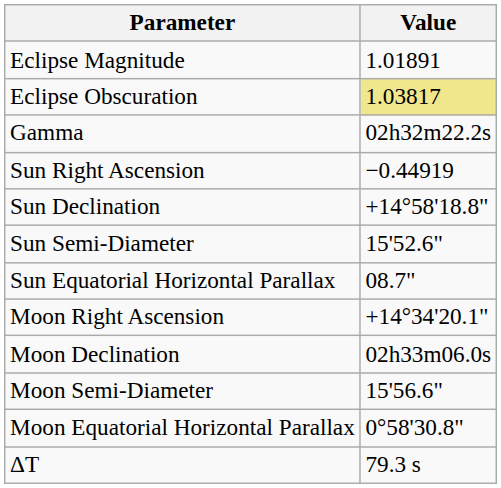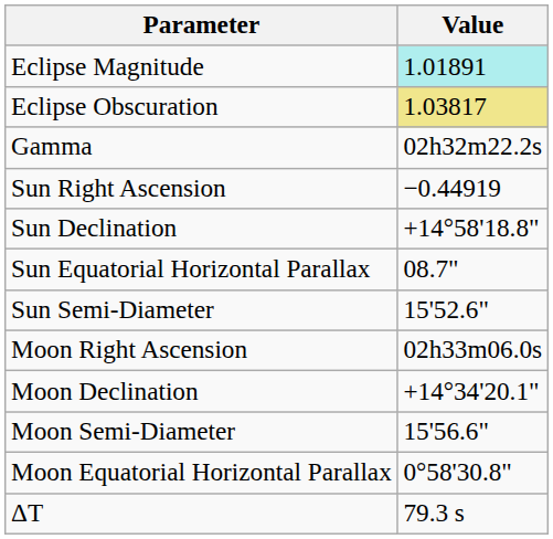 <table class="wikitable">
 <tr>
 <th>Parameter</th>
 <th>Value</th>
 </tr>
 <tr>
 <td>Eclipse Magnitude</td>
-<td>1.01891</td>
+<td style="background: paleturquoise;">1.01891</td>
 </tr>
 <tr>
 <td>Eclipse Obscuration</td>
 <td style="background: khaki;">1.03817</td>
 </tr>
 <tr>
 <td>Gamma</td>
 <td>02h32m22.2s</td>
 </tr>
 <tr>
 <td>Sun Right Ascension</td>
 <td>−0.44919</td>
 </tr>
 <tr>
 <td>Sun Declination</td>
 <td>+14°58'18.8"</td>
 </tr>
 <tr>
+<td>Sun Equatorial Horizontal Parallax</td>
+<td>08.7"</td>
+</tr>
+<tr>
 <td>Sun Semi-Diameter</td>
 <td>15'52.6"</td>
 </tr>
 <tr>
-<td>Sun Equatorial Horizontal Parallax</td>
-<td>08.7"</td>
-</tr>
-<tr>
 <td>Moon Right Ascension</td>
-<td>+14°34'20.1"</td>
+<td>02h33m06.0s</td>
 </tr>
 <tr>
 <td>Moon Declination</td>
-<td>02h33m06.0s</td>
+<td>+14°34'20.1"</td>
 </tr>
 <tr>
 <td>Moon Semi-Diameter</td>
 <td>15'56.6"</td>
 </tr>
 <tr>
 <td>Moon Equatorial Horizontal Parallax</td>
 <td>0°58'30.8"</td>
 </tr>
 <tr>
 <td>ΔT</td>
 <td>79.3 s</td>
 </tr>
 </table>
